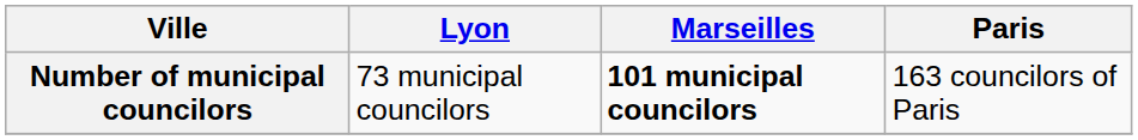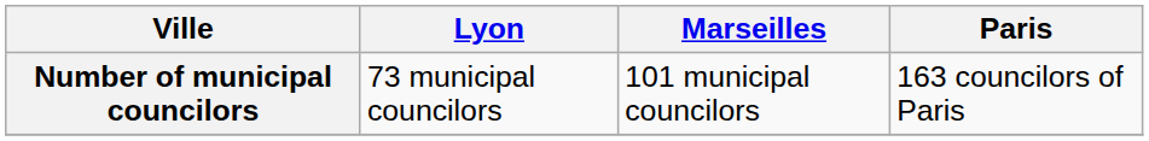 <table class="wikitable" align="center">
 <tr align="center">
 <th>Ville</th>
 <th><a href='#'>Lyon</a></th>
 <th><a href='#'>Marseilles</a></th>
 <th>Paris</th>
 </tr>
 <tr>
 <th>Number of municipal councilors</th>
 <td>73 municipal councilors</td>
-<td><strong>101 municipal councilors</strong></td>
+<td>101 municipal councilors</td>
 <td>163 councilors of Paris</td>
 </tr>
 <tr>
 </tr>
 </table>
